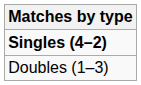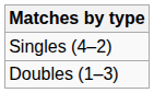 <table class=wikitable>
 <tr>
 <th>Matches by type</th>
 </tr>
 <tr>
-<td><strong>Singles (4–2)</strong></td>
+<td>Singles (4–2)</td>
 </tr>
 <tr>
 <td>Doubles (1–3)</td>
 </tr>
 </table>
